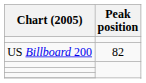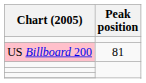 <table class="wikitable">
 <tr>
 <th>Chart (2005)</th>
 <th>Peak<br>position</th>
 </tr>
 <tr>
 <td></td>
 </tr>
 <tr>
-<td>US <a href='#'><em>Billboard</em> 200</a></td>
-<td style="text-align:center;">82</td>
+<td style="background: pink;">US <a href='#'><em>Billboard</em> 200</a></td>
+<td style="text-align:center;">81</td>
 </tr>
 <tr>
 <td></td>
 </tr>
 <tr>
 <td></td>
 </tr>
 <tr>
 <td></td>
 </tr>
 <tr>
 </tr>
 </table>
